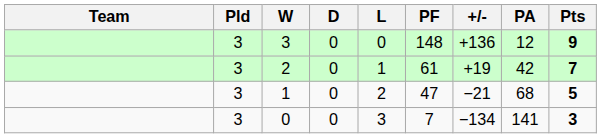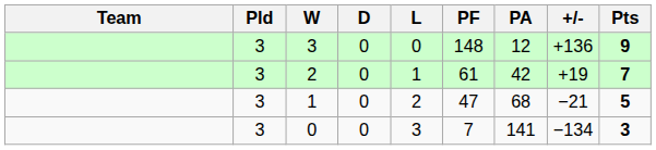 <table class="wikitable" style="text-align: center;">
 <tr>
 <th width="200">Team</th>
 <th width="40">Pld</th>
 <th width="40">W</th>
 <th width="40">D</th>
 <th width="40">L</th>
 <th width="40">PF</th>
+<th width="40">PA</th>
 <th width="40">+/-</th>
-<th width="40">PA</th>
 <th width="40">Pts</th>
 </tr>
 <tr bgcolor=ccffcc>
 <td align=left></td>
 <td>3</td>
 <td>3</td>
 <td>0</td>
 <td>0</td>
 <td>148</td>
+<td>12</td>
 <td>+136</td>
-<td>12</td>
 <td><strong>9</strong></td>
 </tr>
 <tr bgcolor=ccffcc>
 <td align=left></td>
 <td>3</td>
 <td>2</td>
 <td>0</td>
 <td>1</td>
 <td>61</td>
+<td>42</td>
 <td>+19</td>
-<td>42</td>
 <td><strong>7</strong></td>
 </tr>
 <tr>
 <td align=left></td>
 <td>3</td>
 <td>1</td>
 <td>0</td>
 <td>2</td>
 <td>47</td>
+<td>68</td>
 <td>−21</td>
-<td>68</td>
 <td><strong>5</strong></td>
 </tr>
 <tr>
 <td align=left></td>
 <td>3</td>
 <td>0</td>
 <td>0</td>
 <td>3</td>
 <td>7</td>
+<td>141</td>
 <td>−134</td>
-<td>141</td>
 <td><strong>3</strong></td>
 </tr>
 </table>
